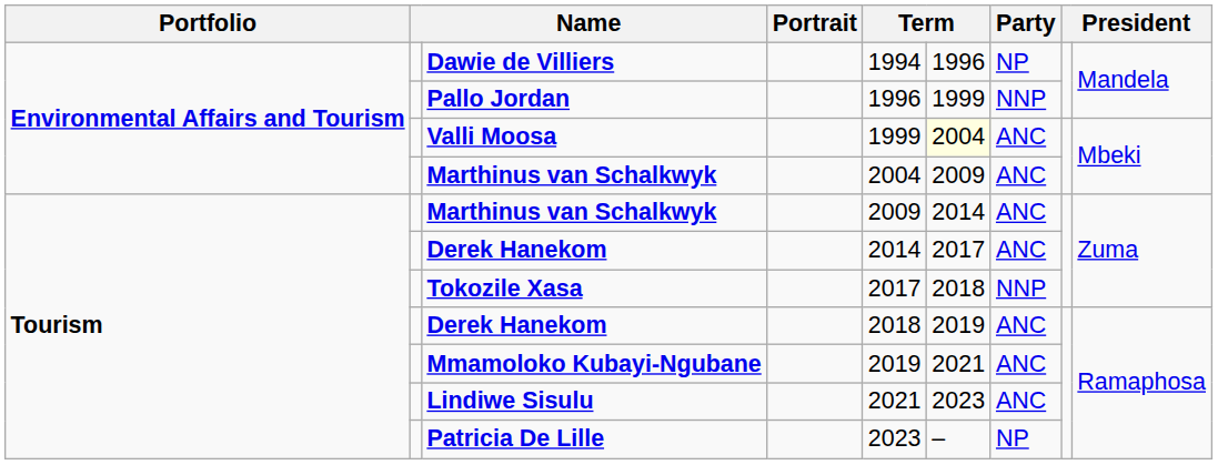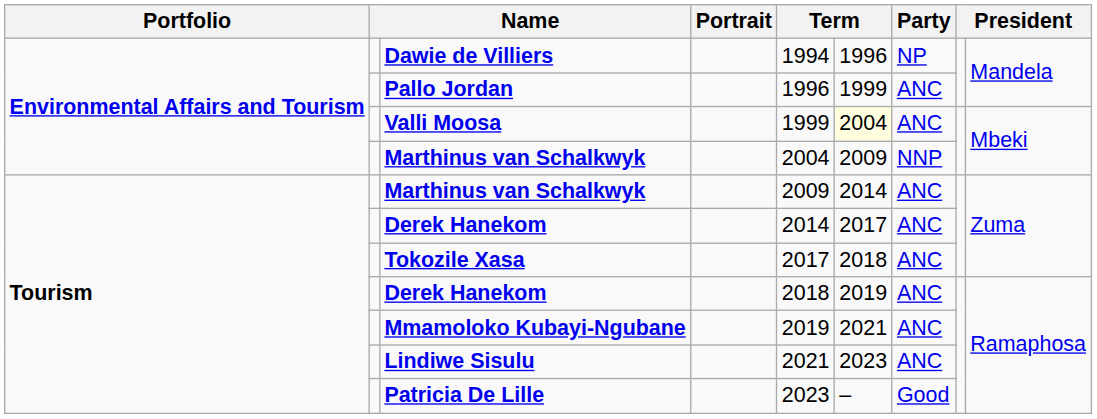 <table class="wikitable">
 <tr>
 <th>Portfolio</th>
 <th colspan="2">Name</th>
 <th>Portrait</th>
 <th colspan="2">Term</th>
 <th>Party</th>
 <th colspan="2">President</th>
 </tr>
 <tr>
 <td rowspan="4"><a href='#'><strong>Environmental Affairs and Tourism</strong></a></td>
 <td></td>
 <td><strong><a href='#'>Dawie de Villiers</a></strong></td>
 <td></td>
 <td>1994</td>
 <td>1996</td>
 <td><a href='#'>NP</a></td>
 <td rowspan="2" style="background-color:"></td>
 <td rowspan="2"><a href='#'>Mandela</a></td>
 </tr>
 <tr>
 <td></td>
 <td><strong><a href='#'>Pallo Jordan</a></strong></td>
 <td></td>
 <td>1996</td>
 <td>1999</td>
-<td><a href='#'>NNP</a></td>
+<td><a href='#'>ANC</a></td>
 </tr>
 <tr>
 <td></td>
 <td><strong><a href='#'>Valli Moosa</a></strong></td>
 <td></td>
 <td>1999</td>
 <td style="background: lightyellow;">2004</td>
 <td><a href='#'>ANC</a></td>
 <td rowspan="2" style="background-color:"></td>
 <td rowspan="2"><a href='#'>Mbeki</a></td>
 </tr>
 <tr>
 <td></td>
 <td><strong><a href='#'>Marthinus van Schalkwyk</a></strong></td>
 <td></td>
 <td>2004</td>
 <td>2009</td>
-<td><a href='#'>ANC</a></td>
+<td><a href='#'>NNP</a></td>
 </tr>
 <tr>
 <td rowspan="7"><strong>Tourism</strong></td>
 <td></td>
 <td><strong><a href='#'>Marthinus van Schalkwyk</a></strong></td>
 <td></td>
 <td>2009</td>
 <td>2014</td>
 <td><a href='#'>ANC</a></td>
 <td rowspan="3" style="background-color:"></td>
 <td rowspan="3"><a href='#'>Zuma</a></td>
 </tr>
 <tr>
 <td></td>
 <td><strong><a href='#'>Derek Hanekom</a></strong></td>
 <td></td>
 <td>2014</td>
 <td>2017</td>
 <td><a href='#'>ANC</a></td>
 </tr>
 <tr>
 <td></td>
 <td><strong><a href='#'>Tokozile Xasa</a></strong></td>
 <td></td>
 <td>2017</td>
 <td>2018</td>
-<td><a href='#'>NNP</a></td>
+<td><a href='#'>ANC</a></td>
 </tr>
 <tr>
 <td></td>
 <td><strong><a href='#'>Derek Hanekom</a></strong></td>
 <td></td>
 <td>2018</td>
 <td>2019</td>
 <td><a href='#'>ANC</a></td>
 <td rowspan="4" style="background-color:"></td>
 <td rowspan="4"><a href='#'>Ramaphosa</a></td>
 </tr>
 <tr>
 <td></td>
 <td><strong><a href='#'>Mmamoloko Kubayi-Ngubane</a></strong></td>
 <td></td>
 <td>2019</td>
 <td>2021</td>
 <td><a href='#'>ANC</a></td>
 </tr>
 <tr>
 <td></td>
 <td><strong><a href='#'>Lindiwe Sisulu</a></strong></td>
 <td></td>
 <td>2021</td>
 <td>2023</td>
 <td><a href='#'>ANC</a></td>
 </tr>
 <tr>
 <td></td>
 <td><strong><a href='#'>Patricia De Lille</a></strong></td>
 <td></td>
 <td>2023</td>
 <td>–</td>
-<td><a href='#'>NP</a></td>
+<td><a href='#'>Good</a></td>
 </tr>
 </table>
